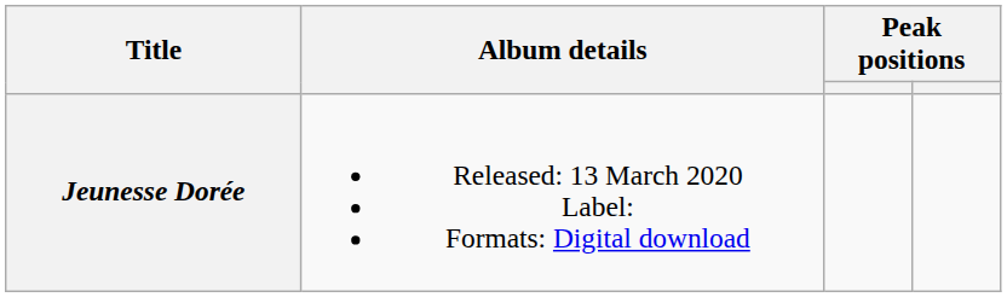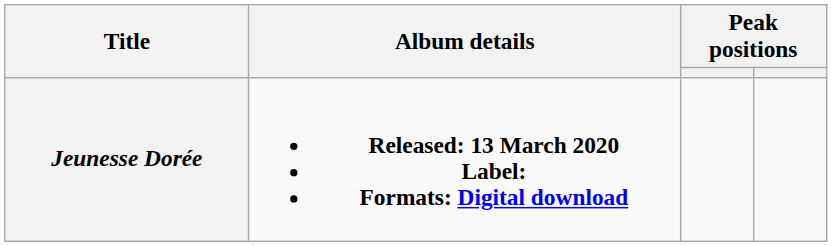 <table class="wikitable plainrowheaders" style="text-align:center;">
 <tr>
 <th scope="col" rowspan="2" style="width:10em;">Title</th>
 <th scope="col" rowspan="2" style="width:18em;">Album details</th>
 <th scope="col" colspan="2">Peak positions</th>
 </tr>
 <tr>
 <th scope="col" style="width:3em;font-size:90%;"></th>
 <th scope="col" style="width:3em;font-size:90%;"></th>
 </tr>
 <tr>
 <th scope="row"><em>Jeunesse Dorée</em></th>
-<td><br><ul><li>Released: 13 March 2020</li><li>Label:</li><li>Formats: <a href='#'>Digital download</a></li></ul></td>
+<td><strong><br><ul><li>Released: 13 March 2020</li><li>Label:</li><li>Formats: <a href='#'>Digital download</a></li></ul></strong></td>
 <td></td>
 <td></td>
 </tr>
 </table>
